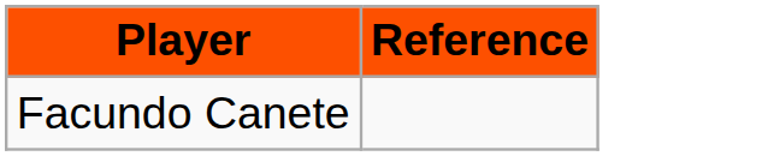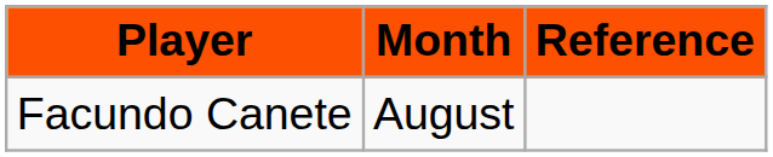 <table class=wikitable>
 <tr>
 <th style="background:#FD5000; color:#000000;">Player</th>
+<th style="background:#FD5000; color:#000000;">Month</th>
 <th style="background:#FD5000; color:#000000;">Reference</th>
 </tr>
 <tr>
 <td align=center> Facundo Canete</td>
+<td>August</td>
 <td></td>
 </tr>
 </table>
